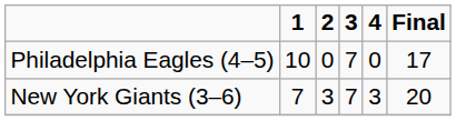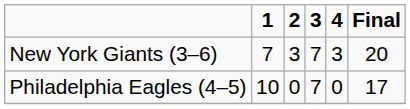 <table class="wikitable" 80%>
 <tr align="center">
 <td></td>
 <td><strong>1</strong></td>
 <td><strong>2</strong></td>
 <td><strong>3</strong></td>
 <td><strong>4</strong></td>
 <td><strong>Final</strong></td>
 </tr>
 <tr align="center" bgcolor="">
+<td – align="left">New York Giants (3–6)</td>
+<td>7</td>
+<td>3</td>
+<td>7</td>
+<td>3</td>
+<td>20</td>
+</tr>
+<tr align="center" bgcolor="">
 <td – align="left">Philadelphia Eagles (4–5)</td>
 <td>10</td>
 <td>0</td>
 <td>7</td>
 <td>0</td>
 <td>17</td>
 </tr>
 <tr align="center" bgcolor="">
-<td – align="left">New York Giants (3–6)</td>
-<td>7</td>
-<td>3</td>
-<td>7</td>
-<td>3</td>
-<td>20</td>
-</tr>
-<tr align="center" bgcolor="">
 </tr>
 </table>
